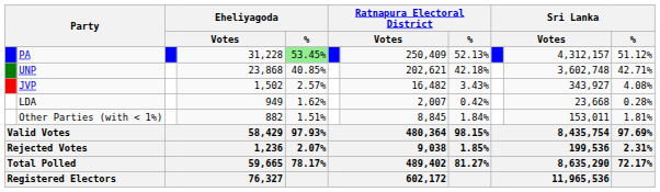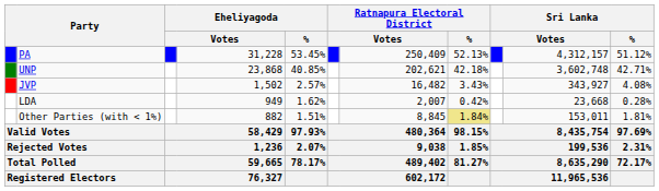 <table class="wikitable">
 <tr>
 <th colspan="2" width="144px"rowspan="2">Party</th>
 <th colspan="3" width="216px">Eheliyagoda</th>
 <th colspan="3" width="216px"><a href='#'>Ratnapura Electoral District</a></th>
 <th colspan="3" width="216px">Sri Lanka</th>
 </tr>
 <tr>
 <th colspan="2" width="144px">Votes</th>
 <th>%</th>
 <th colspan="2" width="144px">Votes</th>
 <th>%</th>
 <th colspan="2" width="144px">Votes</th>
 <th>%</th>
 </tr>
 <tr>
 <td style="background-color:blue;" width="10px"></td>
 <td style="text-align:left;"><a href='#'>PA</a></td>
 <td style="background-color:blue;" width="10px"></td>
 <td style="text-align:right;">31,228</td>
-<td style="background: lightgreen; text-align:right;">53.45%</td>
+<td style="text-align:right;">53.45%</td>
 <td style="background-color:blue;" width="10px"></td>
 <td style="text-align:right;">250,409</td>
 <td style="text-align:right;">52.13%</td>
 <td style="background-color:blue;" width="10px"></td>
 <td style="text-align:right;">4,312,157</td>
 <td style="text-align:right;">51.12%</td>
 </tr>
 <tr>
 <td style="background-color:green;" width="10px"></td>
 <td style="text-align:left;"><a href='#'>UNP</a></td>
 <td style="background-color:white;" width="10px"></td>
 <td style="text-align:right;">23,868</td>
 <td style="text-align:right;">40.85%</td>
 <td style="background-color:white;" width="10px"></td>
 <td style="text-align:right;">202,621</td>
 <td style="text-align:right;">42.18%</td>
 <td style="background-color:white;" width="10px"></td>
 <td style="text-align:right;">3,602,748</td>
 <td style="text-align:right;">42.71%</td>
 </tr>
 <tr>
 <td style="background-color:red;" width="10px"></td>
 <td style="text-align:left;"><a href='#'>JVP</a></td>
 <td style="background-color:white;" width="10px"></td>
 <td style="text-align:right;">1,502</td>
 <td style="text-align:right;">2.57%</td>
 <td style="background-color:white;" width="10px"></td>
 <td style="text-align:right;">16,482</td>
 <td style="text-align:right;">3.43%</td>
 <td style="background-color:white;" width="10px"></td>
 <td style="text-align:right;">343,927</td>
 <td style="text-align:right;">4.08%</td>
 </tr>
 <tr>
 <td style="background-color:white;" width="10px"></td>
 <td style="text-align:left;">LDA</td>
 <td style="background-color:white;" width="10px"></td>
 <td style="text-align:right;">949</td>
 <td style="text-align:right;">1.62%</td>
 <td style="background-color:white;" width="10px"></td>
 <td style="text-align:right;">2,007</td>
 <td style="text-align:right;">0.42%</td>
 <td style="background-color:white;" width="10px"></td>
 <td style="text-align:right;">23,668</td>
 <td style="text-align:right;">0.28%</td>
 </tr>
 <tr>
 <td style="background-color:white;" width="10px"></td>
 <td style="text-align:left;">Other Parties (with < 1%)</td>
 <td style="background-color:white;" width="10px"></td>
 <td style="text-align:right;">882</td>
 <td style="text-align:right;">1.51%</td>
 <td style="background-color:white;" width="10px"></td>
 <td style="text-align:right;">8,845</td>
-<td style="text-align:right;">1.84%</td>
+<td style="background: khaki; text-align:right;">1.84%</td>
 <td style="background-color:white;" width="10px"></td>
 <td style="text-align:right;">153,011</td>
 <td style="text-align:right;">1.81%</td>
 </tr>
 <tr>
 <th colspan="2" width="144px"style="text-align:left;">Valid Votes</th>
 <th style="text-align:right;"colspan="2" width="144px">58,429</th>
 <th style="text-align:right;">97.93%</th>
 <th style="text-align:right;"colspan="2" width="144px">480,364</th>
 <th style="text-align:right;">98.15%</th>
 <th style="text-align:right;"colspan="2" width="144px">8,435,754</th>
 <th style="text-align:right;">97.69%</th>
 </tr>
 <tr>
 <th colspan="2" width="144px"style="text-align:left;">Rejected Votes</th>
 <th style="text-align:right;"colspan="2" width="144px">1,236</th>
 <th style="text-align:right;">2.07%</th>
 <th style="text-align:right;"colspan="2" width="144px">9,038</th>
 <th style="text-align:right;">1.85%</th>
 <th style="text-align:right;"colspan="2" width="144px">199,536</th>
 <th style="text-align:right;">2.31%</th>
 </tr>
 <tr>
 <th colspan="2" width="144px"style="text-align:left;">Total Polled</th>
 <th style="text-align:right;"colspan="2" width="144px">59,665</th>
 <th style="text-align:right;">78.17%</th>
 <th style="text-align:right;"colspan="2" width="144px">489,402</th>
 <th style="text-align:right;">81.27%</th>
 <th style="text-align:right;"colspan="2" width="144px">8,635,290</th>
 <th style="text-align:right;">72.17%</th>
 </tr>
 <tr>
 <th colspan="2" width="144px"style="text-align:left;">Registered Electors</th>
 <th style="text-align:right;"colspan="2" width="144px">76,327</th>
 <th></th>
 <th style="text-align:right;"colspan="2" width="144px">602,172</th>
 <th></th>
 <th style="text-align:right;"colspan="2" width="144px">11,965,536</th>
 <th></th>
 </tr>
 </table>
